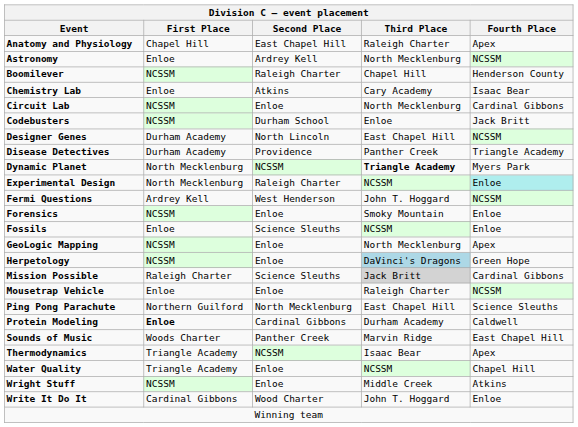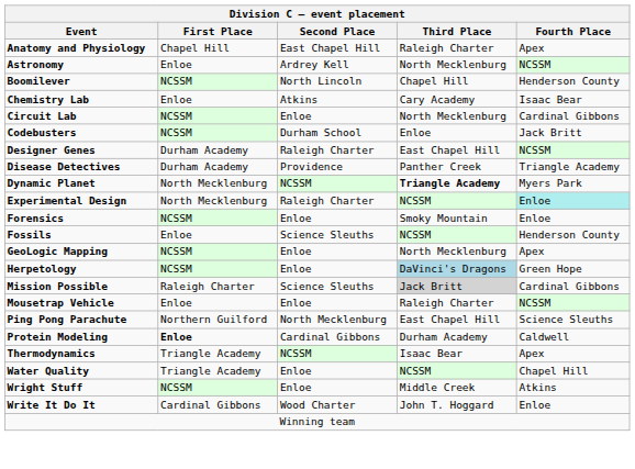 <table class="wikitable collapsible collapsed" style="float:left; width:780px">
 <tr>
 <th colspan=5>Division C – event placement</th>
 </tr>
 <tr>
 <th>Event</th>
 <th>First Place</th>
 <th>Second Place</th>
 <th>Third Place</th>
 <th>Fourth Place</th>
 </tr>
 <tr>
 <td><strong>Anatomy and Physiology</strong></td>
 <td>Chapel Hill</td>
 <td>East Chapel Hill</td>
 <td>Raleigh Charter</td>
 <td>Apex</td>
 </tr>
 <tr>
 <td><strong>Astronomy</strong></td>
 <td>Enloe</td>
 <td>Ardrey Kell</td>
 <td>North Mecklenburg</td>
 <td style="background:#ddffdd">NCSSM</td>
 </tr>
 <tr>
 <td><strong>Boomilever</strong></td>
 <td style="background:#ddffdd">NCSSM</td>
-<td>Raleigh Charter</td>
+<td>North Lincoln</td>
 <td>Chapel Hill</td>
 <td>Henderson County</td>
 </tr>
 <tr>
 <td><strong>Chemistry Lab</strong></td>
 <td>Enloe</td>
 <td>Atkins</td>
 <td>Cary Academy</td>
 <td>Isaac Bear</td>
 </tr>
 <tr>
 <td><strong>Circuit Lab</strong></td>
 <td style="background:#ddffdd">NCSSM</td>
 <td>Enloe</td>
 <td>North Mecklenburg</td>
 <td>Cardinal Gibbons</td>
 </tr>
 <tr>
 <td><strong>Codebusters</strong></td>
 <td style="background:#ddffdd">NCSSM</td>
 <td>Durham School</td>
 <td>Enloe</td>
 <td>Jack Britt</td>
 </tr>
 <tr>
 <td><strong>Designer Genes</strong></td>
 <td>Durham Academy</td>
-<td>North Lincoln</td>
+<td>Raleigh Charter</td>
 <td>East Chapel Hill</td>
 <td style="background:#ddffdd">NCSSM</td>
 </tr>
 <tr>
 <td><strong>Disease Detectives</strong></td>
 <td>Durham Academy</td>
 <td>Providence</td>
 <td>Panther Creek</td>
 <td>Triangle Academy</td>
 </tr>
 <tr>
 <td><strong>Dynamic Planet</strong></td>
 <td>North Mecklenburg</td>
 <td style="background:#ddffdd">NCSSM</td>
 <td><strong>Triangle Academy</strong></td>
 <td>Myers Park</td>
 </tr>
 <tr>
 <td><strong>Experimental Design</strong></td>
 <td>North Mecklenburg</td>
 <td>Raleigh Charter</td>
 <td style="background:#ddffdd">NCSSM</td>
 <td style="background: paleturquoise;">Enloe</td>
 </tr>
 <tr>
-<td><strong>Fermi Questions</strong></td>
-<td>Ardrey Kell</td>
-<td>West Henderson</td>
-<td>John T. Hoggard</td>
-<td style="background:#ddffdd">NCSSM</td>
-</tr>
-<tr>
 <td><strong>Forensics</strong></td>
 <td style="background:#ddffdd">NCSSM</td>
 <td>Enloe</td>
 <td>Smoky Mountain</td>
 <td>Enloe</td>
 </tr>
 <tr>
 <td><strong>Fossils</strong></td>
 <td>Enloe</td>
 <td>Science Sleuths</td>
 <td style="background:#ddffdd">NCSSM</td>
-<td>Enloe</td>
+<td>Henderson County</td>
 </tr>
 <tr>
 <td><strong>GeoLogic Mapping</strong></td>
 <td style="background:#ddffdd">NCSSM</td>
 <td>Enloe</td>
 <td>North Mecklenburg</td>
 <td>Apex</td>
 </tr>
 <tr>
 <td><strong>Herpetology</strong></td>
 <td style="background:#ddffdd">NCSSM</td>
 <td>Enloe</td>
 <td style="background: lightblue;">DaVinci's Dragons</td>
 <td>Green Hope</td>
 </tr>
 <tr>
 <td><strong>Mission Possible</strong></td>
 <td>Raleigh Charter</td>
 <td>Science Sleuths</td>
 <td style="background: lightgrey;">Jack Britt</td>
 <td>Cardinal Gibbons</td>
 </tr>
 <tr>
 <td><strong>Mousetrap Vehicle</strong></td>
 <td>Enloe</td>
 <td>Enloe</td>
 <td>Raleigh Charter</td>
 <td style="background:#ddffdd">NCSSM</td>
 </tr>
 <tr>
 <td><strong>Ping Pong Parachute</strong></td>
 <td>Northern Guilford</td>
 <td>North Mecklenburg</td>
 <td>East Chapel Hill</td>
 <td>Science Sleuths</td>
 </tr>
 <tr>
 <td><strong>Protein Modeling</strong></td>
 <td><strong>Enloe</strong></td>
 <td>Cardinal Gibbons</td>
 <td>Durham Academy</td>
 <td>Caldwell</td>
 </tr>
 <tr>
-<td><strong>Sounds of Music</strong></td>
-<td>Woods Charter</td>
-<td>Panther Creek</td>
-<td>Marvin Ridge</td>
-<td>East Chapel Hill</td>
-</tr>
-<tr>
 <td><strong>Thermodynamics</strong></td>
 <td>Triangle Academy</td>
 <td style="background:#ddffdd">NCSSM</td>
 <td>Isaac Bear</td>
 <td>Apex</td>
 </tr>
 <tr>
 <td><strong>Water Quality</strong></td>
 <td>Triangle Academy</td>
 <td>Enloe</td>
 <td style="background:#ddffdd">NCSSM</td>
 <td>Chapel Hill</td>
 </tr>
 <tr>
 <td><strong>Wright Stuff</strong></td>
 <td style="background:#ddffdd">NCSSM</td>
 <td>Enloe</td>
 <td>Middle Creek</td>
 <td>Atkins</td>
 </tr>
 <tr>
 <td><strong>Write It Do It</strong></td>
 <td>Cardinal Gibbons</td>
 <td>Wood Charter</td>
 <td>John T. Hoggard</td>
 <td>Enloe</td>
 </tr>
 <tr>
 <td colspan=5 style=text-align:center> Winning team</td>
 </tr>
 </table>
